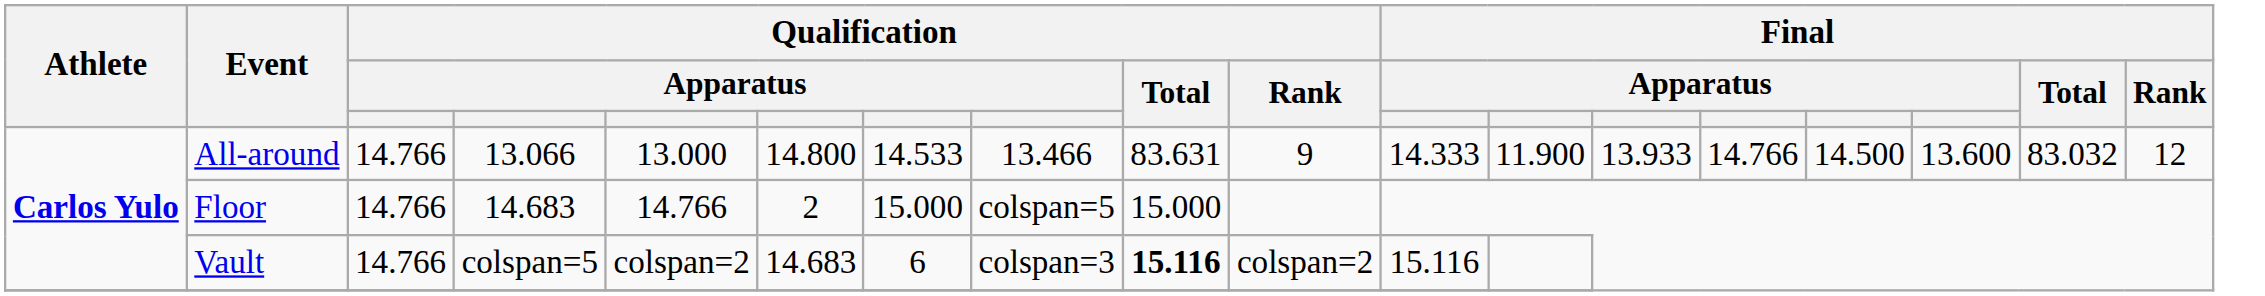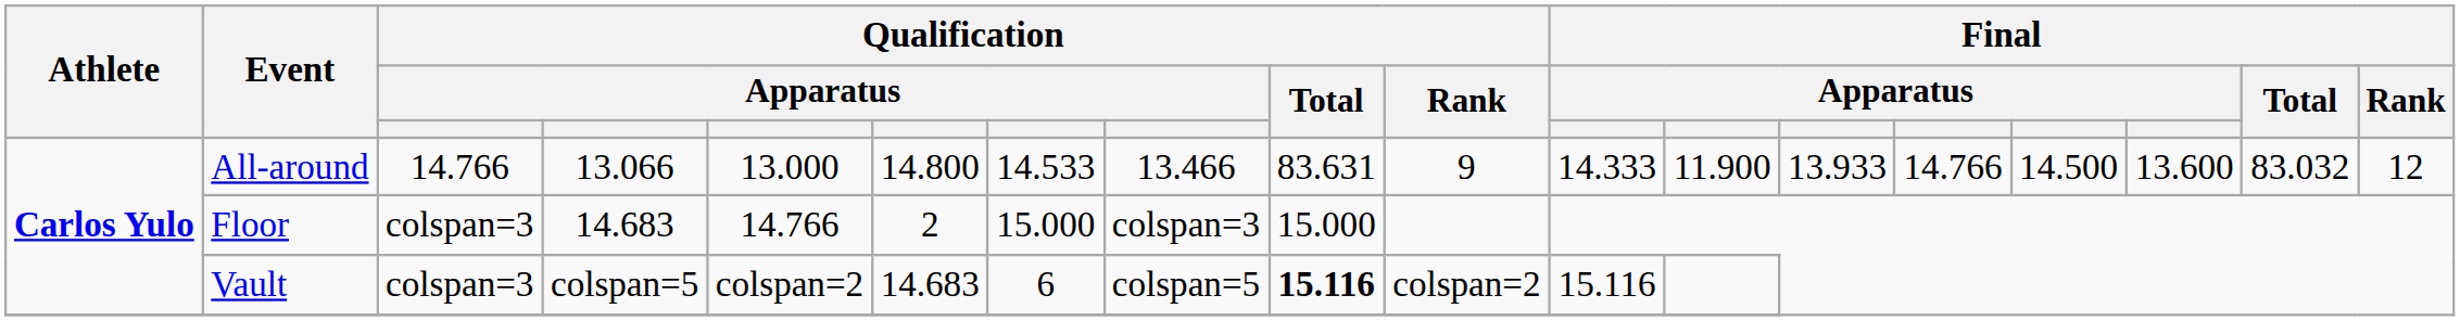 <table class="wikitable" style="font-size:90%">
 <tr>
 <th rowspan=3>Athlete</th>
 <th rowspan=3>Event</th>
 <th colspan=8>Qualification</th>
 <th colspan=8>Final</th>
 </tr>
 <tr style="font-size:95%">
 <th colspan=6>Apparatus</th>
 <th rowspan=2>Total</th>
 <th rowspan=2>Rank</th>
 <th colspan=6>Apparatus</th>
 <th rowspan=2>Total</th>
 <th rowspan=2>Rank</th>
 </tr>
 <tr style="font-size:95%">
 <th></th>
 <th></th>
 <th></th>
 <th></th>
 <th></th>
 <th></th>
 <th></th>
 <th></th>
 <th></th>
 <th></th>
 <th></th>
 <th></th>
 </tr>
 <tr align=center>
 <td align=left rowspan=3><strong><a href='#'>Carlos Yulo</a></strong></td>
 <td align=left><a href='#'>All-around</a></td>
 <td>14.766</td>
 <td>13.066</td>
 <td>13.000</td>
 <td>14.800</td>
 <td>14.533</td>
 <td>13.466</td>
 <td>83.631</td>
 <td>9 <strong>  </strong></td>
 <td>14.333</td>
 <td>11.900</td>
 <td>13.933</td>
 <td>14.766</td>
 <td>14.500</td>
 <td>13.600</td>
 <td>83.032</td>
 <td>12</td>
 </tr>
 <tr align=center>
 <td align=left><a href='#'>Floor</a></td>
-<td>14.766</td>
+<td>colspan=3 </td>
 <td>14.683</td>
 <td>14.766</td>
 <td>2 <strong>  </strong></td>
 <td>15.000</td>
-<td>colspan=5 </td>
+<td>colspan=3 </td>
 <td>15.000</td>
 <td></td>
 </tr>
 <tr align=center>
 <td align=left><a href='#'>Vault</a></td>
-<td>14.766</td>
+<td>colspan=3 </td>
 <td>colspan=5 </td>
 <td>colspan=2 </td>
 <td>14.683</td>
 <td>6 <strong>  </strong></td>
-<td>colspan=3 </td>
+<td>colspan=5 </td>
 <td><strong>15.116</strong></td>
 <td>colspan=2 </td>
 <td>15.116</td>
 <td></td>
 </tr>
 <tr>
 </tr>
 </table>
